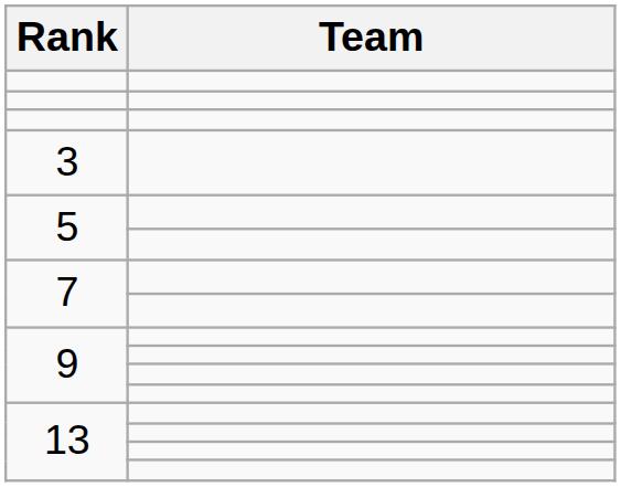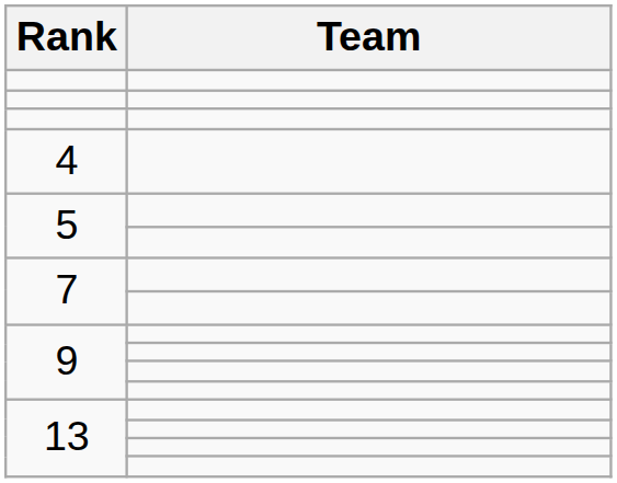 <table class="wikitable" style="text-align: center;">
 <tr>
 <th width=40>Rank</th>
 <th width=180>Team</th>
 </tr>
 <tr align=center>
 <td></td>
 <td style="text-align:left;"></td>
 </tr>
 <tr align=center>
 <td></td>
 <td style="text-align:left;"></td>
 </tr>
 <tr align=center>
 <td></td>
 <td style="text-align:left;"></td>
 </tr>
 <tr align=center>
-<td>3</td>
+<td>4</td>
 <td style="text-align:left;"></td>
 </tr>
 <tr align=center>
 <td rowspan=2>5</td>
 <td style="text-align:left;"></td>
 </tr>
 <tr align=center>
 <td style="text-align:left;"></td>
 </tr>
 <tr align=center>
 <td rowspan=2>7</td>
 <td style="text-align:left;"></td>
 </tr>
 <tr align=center>
 <td style="text-align:left;"></td>
 </tr>
 <tr align=center>
 <td rowspan=4>9</td>
 <td style="text-align:left;"></td>
 </tr>
 <tr align=center>
 <td style="text-align:left;"></td>
 </tr>
 <tr align=center>
 <td style="text-align:left;"></td>
 </tr>
 <tr align=center>
 <td style="text-align:left;"></td>
 </tr>
 <tr align=center>
 <td rowspan=4>13</td>
 <td style="text-align:left;"></td>
 </tr>
 <tr align=center>
 <td style="text-align:left;"></td>
 </tr>
 <tr align=center>
 <td style="text-align:left;"></td>
 </tr>
 <tr align=center>
 <td style="text-align:left;"></td>
 </tr>
 </table>
